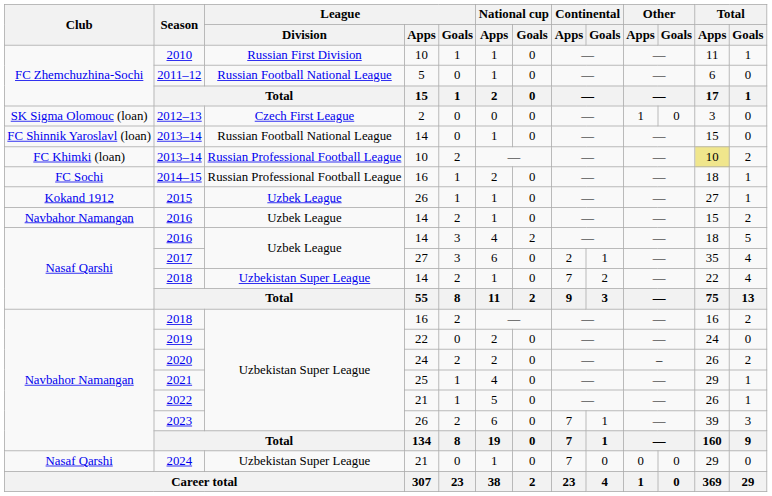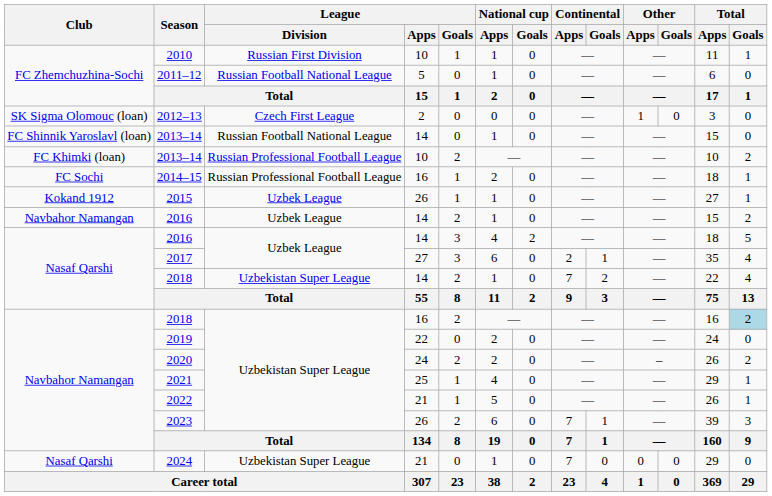 <table class="wikitable" style="text-align:center">
 <tr>
 <th rowspan="2">Club</th>
 <th rowspan="2">Season</th>
 <th colspan="3">League</th>
 <th colspan="2">National cup</th>
 <th colspan="2">Continental</th>
 <th colspan="2">Other</th>
 <th colspan="2">Total</th>
 </tr>
 <tr>
 <th>Division</th>
 <th>Apps</th>
 <th>Goals</th>
 <th>Apps</th>
 <th>Goals</th>
 <th>Apps</th>
 <th>Goals</th>
 <th>Apps</th>
 <th>Goals</th>
 <th>Apps</th>
 <th>Goals</th>
 </tr>
 <tr>
 <td rowspan="3"><a href='#'>FC Zhemchuzhina-Sochi</a></td>
 <td><a href='#'>2010</a></td>
 <td><a href='#'>Russian First Division</a></td>
 <td>10</td>
 <td>1</td>
 <td>1</td>
 <td>0</td>
 <td colspan="2">—</td>
 <td colspan="2">—</td>
 <td>11</td>
 <td>1</td>
 </tr>
 <tr>
 <td><a href='#'>2011–12</a></td>
 <td><a href='#'>Russian Football National League</a></td>
 <td>5</td>
 <td>0</td>
 <td>1</td>
 <td>0</td>
 <td colspan="2">—</td>
 <td colspan="2">—</td>
 <td>6</td>
 <td>0</td>
 </tr>
 <tr>
 <th colspan="2">Total</th>
 <th>15</th>
 <th>1</th>
 <th>2</th>
 <th>0</th>
 <th colspan="2">—</th>
 <th colspan="2">—</th>
 <th>17</th>
 <th>1</th>
 </tr>
 <tr>
 <td><a href='#'>SK Sigma Olomouc</a> (loan)</td>
 <td><a href='#'>2012–13</a></td>
 <td><a href='#'>Czech First League</a></td>
 <td>2</td>
 <td>0</td>
 <td>0</td>
 <td>0</td>
 <td colspan="2">—</td>
 <td>1</td>
 <td>0</td>
 <td>3</td>
 <td>0</td>
 </tr>
 <tr>
 <td><a href='#'>FC Shinnik Yaroslavl</a> (loan)</td>
 <td><a href='#'>2013–14</a></td>
 <td>Russian Football National League</td>
 <td>14</td>
 <td>0</td>
 <td>1</td>
 <td>0</td>
 <td colspan="2">—</td>
 <td colspan="2">—</td>
 <td>15</td>
 <td>0</td>
 </tr>
 <tr>
 <td><a href='#'>FC Khimki</a> (loan)</td>
 <td><a href='#'>2013–14</a></td>
 <td><a href='#'>Russian Professional Football League</a></td>
 <td>10</td>
 <td>2</td>
 <td colspan="2">—</td>
 <td colspan="2">—</td>
 <td colspan="2">—</td>
-<td style="background: khaki;">10</td>
+<td>10</td>
 <td>2</td>
 </tr>
 <tr>
 <td><a href='#'>FC Sochi</a></td>
 <td><a href='#'>2014–15</a></td>
 <td>Russian Professional Football League</td>
 <td>16</td>
 <td>1</td>
 <td>2</td>
 <td>0</td>
 <td colspan="2">—</td>
 <td colspan="2">—</td>
 <td>18</td>
 <td>1</td>
 </tr>
 <tr>
 <td><a href='#'>Kokand 1912</a></td>
 <td><a href='#'>2015</a></td>
 <td><a href='#'>Uzbek League</a></td>
 <td>26</td>
 <td>1</td>
 <td>1</td>
 <td>0</td>
 <td colspan="2">—</td>
 <td colspan="2">—</td>
 <td>27</td>
 <td>1</td>
 </tr>
 <tr>
 <td><a href='#'>Navbahor Namangan</a></td>
 <td><a href='#'>2016</a></td>
 <td>Uzbek League</td>
 <td>14</td>
 <td>2</td>
 <td>1</td>
 <td>0</td>
 <td colspan="2">—</td>
 <td colspan="2">—</td>
 <td>15</td>
 <td>2</td>
 </tr>
 <tr>
 <td rowspan="4"><a href='#'>Nasaf Qarshi</a></td>
 <td><a href='#'>2016</a></td>
 <td rowspan="2">Uzbek League</td>
 <td>14</td>
 <td>3</td>
 <td>4</td>
 <td>2</td>
 <td colspan="2">—</td>
 <td colspan="2">—</td>
 <td>18</td>
 <td>5</td>
 </tr>
 <tr>
 <td><a href='#'>2017</a></td>
 <td>27</td>
 <td>3</td>
 <td>6</td>
 <td>0</td>
 <td>2</td>
 <td>1</td>
 <td colspan="2">—</td>
 <td>35</td>
 <td>4</td>
 </tr>
 <tr>
 <td><a href='#'>2018</a></td>
 <td><a href='#'>Uzbekistan Super League</a></td>
 <td>14</td>
 <td>2</td>
 <td>1</td>
 <td>0</td>
 <td>7</td>
 <td>2</td>
 <td colspan="2">—</td>
 <td>22</td>
 <td>4</td>
 </tr>
 <tr>
 <th colspan="2">Total</th>
 <th>55</th>
 <th>8</th>
 <th>11</th>
 <th>2</th>
 <th>9</th>
 <th>3</th>
 <th colspan="2">—</th>
 <th>75</th>
 <th>13</th>
 </tr>
 <tr>
 <td rowspan="7"><a href='#'>Navbahor Namangan</a></td>
 <td><a href='#'>2018</a></td>
 <td rowspan="6">Uzbekistan Super League</td>
 <td>16</td>
 <td>2</td>
 <td colspan="2">—</td>
 <td colspan="2">—</td>
 <td colspan="2">—</td>
 <td>16</td>
-<td>2</td>
+<td style="background: lightblue;">2</td>
 </tr>
 <tr>
 <td><a href='#'>2019</a></td>
 <td>22</td>
 <td>0</td>
 <td>2</td>
 <td>0</td>
 <td colspan="2">—</td>
 <td colspan="2">—</td>
 <td>24</td>
 <td>0</td>
 </tr>
 <tr>
 <td><a href='#'>2020</a></td>
 <td>24</td>
 <td>2</td>
 <td>2</td>
 <td>0</td>
 <td colspan="2">—</td>
 <td colspan="2">–</td>
 <td>26</td>
 <td>2</td>
 </tr>
 <tr>
 <td><a href='#'>2021</a></td>
 <td>25</td>
 <td>1</td>
 <td>4</td>
 <td>0</td>
 <td colspan="2">—</td>
 <td colspan="2">—</td>
 <td>29</td>
 <td>1</td>
 </tr>
 <tr>
 <td><a href='#'>2022</a></td>
 <td>21</td>
 <td>1</td>
 <td>5</td>
 <td>0</td>
 <td colspan="2">—</td>
 <td colspan="2">—</td>
 <td>26</td>
 <td>1</td>
 </tr>
 <tr>
 <td><a href='#'>2023</a></td>
 <td>26</td>
 <td>2</td>
 <td>6</td>
 <td>0</td>
 <td>7</td>
 <td>1</td>
 <td colspan="2">—</td>
 <td>39</td>
 <td>3</td>
 </tr>
 <tr>
 <th colspan="2">Total</th>
 <th>134</th>
 <th>8</th>
 <th>19</th>
 <th>0</th>
 <th>7</th>
 <th>1</th>
 <th colspan="2">—</th>
 <th>160</th>
 <th>9</th>
 </tr>
 <tr>
 <td><a href='#'>Nasaf Qarshi</a></td>
 <td><a href='#'>2024</a></td>
 <td>Uzbekistan Super League</td>
 <td>21</td>
 <td>0</td>
 <td>1</td>
 <td>0</td>
 <td>7</td>
 <td>0</td>
 <td>0</td>
 <td>0</td>
 <td>29</td>
 <td>0</td>
 </tr>
 <tr>
 <th colspan="3">Career total</th>
 <th>307</th>
 <th>23</th>
 <th>38</th>
 <th>2</th>
 <th>23</th>
 <th>4</th>
 <th>1</th>
 <th>0</th>
 <th>369</th>
 <th>29</th>
 </tr>
 </table>
